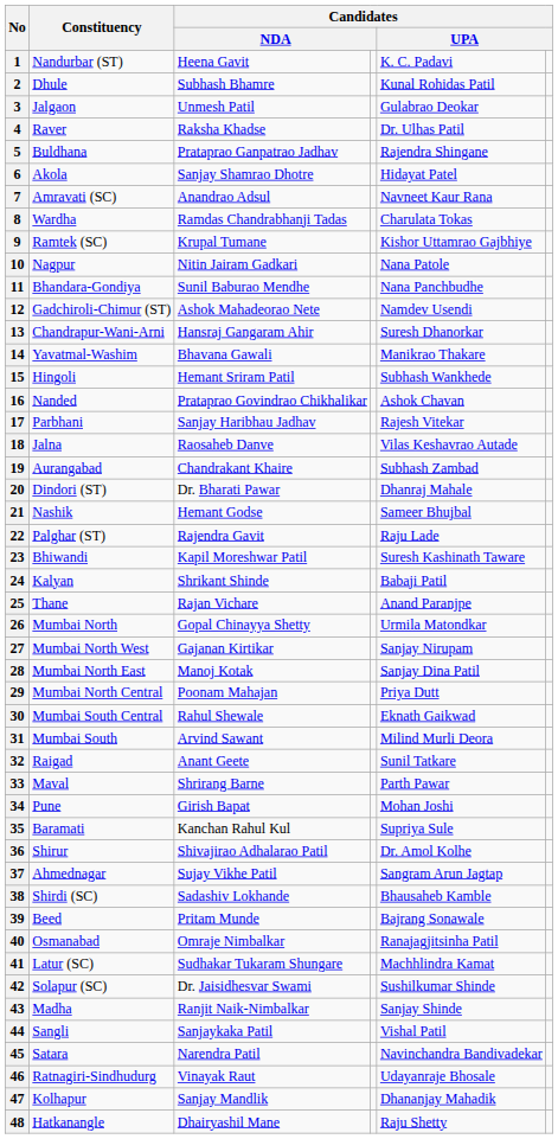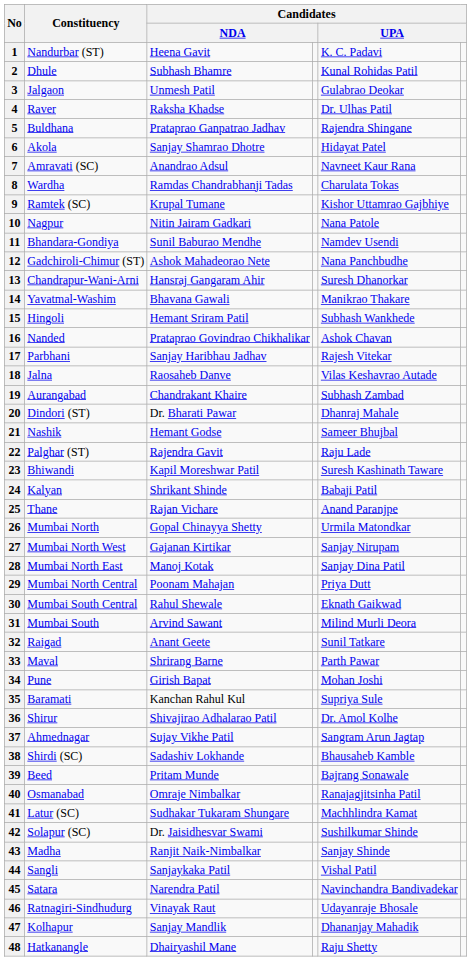 <table class="wikitable sortable">
 <tr>
 <th rowspan="2">No</th>
 <th rowspan="2">Constituency</th>
 <th colspan="4">Candidates</th>
 </tr>
 <tr>
 <th colspan="2"><a href='#'>NDA</a><br> </th>
 <th colspan="2"><a href='#'>UPA</a><br>    </th>
 </tr>
 <tr>
 <th>1</th>
 <td><a href='#'>Nandurbar</a> (ST)</td>
 <td><a href='#'>Heena Gavit</a></td>
 <td></td>
 <td><a href='#'>K. C. Padavi</a></td>
 <td></td>
 </tr>
 <tr>
 <th>2</th>
 <td><a href='#'>Dhule</a></td>
 <td><a href='#'>Subhash Bhamre</a></td>
 <td></td>
 <td><a href='#'>Kunal Rohidas Patil</a></td>
 <td></td>
 </tr>
 <tr>
 <th>3</th>
 <td><a href='#'>Jalgaon</a></td>
 <td><a href='#'>Unmesh Patil</a></td>
 <td></td>
 <td><a href='#'>Gulabrao Deokar</a></td>
 <td></td>
 </tr>
 <tr>
 <th>4</th>
 <td><a href='#'>Raver</a></td>
 <td><a href='#'>Raksha Khadse</a></td>
 <td></td>
 <td><a href='#'>Dr. Ulhas Patil</a></td>
 <td></td>
 </tr>
 <tr>
 <th>5</th>
 <td><a href='#'>Buldhana</a></td>
 <td><a href='#'>Prataprao Ganpatrao Jadhav</a></td>
 <td></td>
 <td><a href='#'>Rajendra Shingane</a></td>
 <td></td>
 </tr>
 <tr>
 <th>6</th>
 <td><a href='#'>Akola</a></td>
 <td><a href='#'>Sanjay Shamrao Dhotre</a></td>
 <td></td>
 <td><a href='#'>Hidayat Patel</a></td>
 <td></td>
 </tr>
 <tr>
 <th>7</th>
 <td><a href='#'>Amravati</a> (SC)</td>
 <td><a href='#'>Anandrao Adsul</a></td>
 <td></td>
 <td><a href='#'>Navneet Kaur Rana</a></td>
 <td></td>
 </tr>
 <tr>
 <th>8</th>
 <td><a href='#'>Wardha</a></td>
 <td><a href='#'>Ramdas Chandrabhanji Tadas</a></td>
 <td></td>
 <td><a href='#'>Charulata Tokas</a></td>
 <td></td>
 </tr>
 <tr>
 <th>9</th>
 <td><a href='#'>Ramtek</a> (SC)</td>
 <td><a href='#'>Krupal Tumane</a></td>
 <td></td>
 <td><a href='#'>Kishor Uttamrao Gajbhiye</a></td>
 <td></td>
 </tr>
 <tr>
 <th>10</th>
 <td><a href='#'>Nagpur</a></td>
 <td><a href='#'>Nitin Jairam Gadkari</a></td>
 <td></td>
 <td><a href='#'>Nana Patole</a></td>
 <td></td>
 </tr>
 <tr>
 <th>11</th>
 <td><a href='#'>Bhandara-Gondiya</a></td>
 <td><a href='#'>Sunil Baburao Mendhe</a></td>
 <td></td>
-<td><a href='#'>Nana Panchbudhe</a></td>
+<td><a href='#'>Namdev Usendi</a></td>
 <td></td>
 </tr>
 <tr>
 <th>12</th>
 <td><a href='#'>Gadchiroli-Chimur</a> (ST)</td>
 <td><a href='#'>Ashok Mahadeorao Nete</a></td>
 <td></td>
-<td><a href='#'>Namdev Usendi</a></td>
+<td><a href='#'>Nana Panchbudhe</a></td>
 <td></td>
 </tr>
 <tr>
 <th>13</th>
 <td><a href='#'>Chandrapur-Wani-Arni</a></td>
 <td><a href='#'>Hansraj Gangaram Ahir</a></td>
 <td></td>
 <td><a href='#'>Suresh Dhanorkar</a></td>
 <td></td>
 </tr>
 <tr>
 <th>14</th>
 <td><a href='#'>Yavatmal-Washim</a></td>
 <td><a href='#'>Bhavana Gawali</a></td>
 <td></td>
 <td><a href='#'>Manikrao Thakare</a></td>
 <td></td>
 </tr>
 <tr>
 <th>15</th>
 <td><a href='#'>Hingoli</a></td>
 <td><a href='#'>Hemant Sriram Patil</a></td>
 <td></td>
 <td><a href='#'>Subhash Wankhede</a></td>
 <td></td>
 </tr>
 <tr>
 <th>16</th>
 <td><a href='#'>Nanded</a></td>
 <td><a href='#'>Prataprao Govindrao Chikhalikar</a></td>
 <td></td>
 <td><a href='#'>Ashok Chavan</a></td>
 <td></td>
 </tr>
 <tr>
 <th>17</th>
 <td><a href='#'>Parbhani</a></td>
 <td><a href='#'>Sanjay Haribhau Jadhav</a></td>
 <td></td>
 <td><a href='#'>Rajesh Vitekar</a></td>
 <td></td>
 </tr>
 <tr>
 <th>18</th>
 <td><a href='#'>Jalna</a></td>
 <td><a href='#'>Raosaheb Danve</a></td>
 <td></td>
 <td><a href='#'>Vilas Keshavrao Autade</a></td>
 <td></td>
 </tr>
 <tr>
 <th>19</th>
 <td><a href='#'>Aurangabad</a></td>
 <td><a href='#'>Chandrakant Khaire</a></td>
 <td></td>
 <td><a href='#'>Subhash Zambad</a></td>
 <td></td>
 </tr>
 <tr>
 <th>20</th>
 <td><a href='#'>Dindori</a> (ST)</td>
 <td>Dr. <a href='#'>Bharati Pawar</a></td>
 <td></td>
 <td><a href='#'>Dhanraj Mahale</a></td>
 <td></td>
 </tr>
 <tr>
 <th>21</th>
 <td><a href='#'>Nashik</a></td>
 <td><a href='#'>Hemant Godse</a></td>
 <td></td>
 <td><a href='#'>Sameer Bhujbal</a></td>
 <td></td>
 </tr>
 <tr>
 <th>22</th>
 <td><a href='#'>Palghar</a> (ST)</td>
 <td><a href='#'>Rajendra Gavit</a></td>
 <td></td>
 <td><a href='#'>Raju Lade</a></td>
 <td></td>
 </tr>
 <tr>
 <th>23</th>
 <td><a href='#'>Bhiwandi</a></td>
 <td><a href='#'>Kapil Moreshwar Patil</a></td>
 <td></td>
 <td><a href='#'>Suresh Kashinath Taware</a></td>
 <td></td>
 </tr>
 <tr>
 <th>24</th>
 <td><a href='#'>Kalyan</a></td>
 <td><a href='#'>Shrikant Shinde</a></td>
 <td></td>
 <td><a href='#'>Babaji Patil</a></td>
 <td></td>
 </tr>
 <tr>
 <th>25</th>
 <td><a href='#'>Thane</a></td>
 <td><a href='#'>Rajan Vichare</a></td>
 <td></td>
 <td><a href='#'>Anand Paranjpe</a></td>
 <td></td>
 </tr>
 <tr>
 <th>26</th>
 <td><a href='#'>Mumbai North</a></td>
 <td><a href='#'>Gopal Chinayya Shetty</a></td>
 <td></td>
 <td><a href='#'>Urmila Matondkar</a></td>
 <td></td>
 </tr>
 <tr>
 <th>27</th>
 <td><a href='#'>Mumbai North West</a></td>
 <td><a href='#'>Gajanan Kirtikar</a></td>
 <td></td>
 <td><a href='#'>Sanjay Nirupam</a></td>
 <td></td>
 </tr>
 <tr>
 <th>28</th>
 <td><a href='#'>Mumbai North East</a></td>
 <td><a href='#'>Manoj Kotak</a></td>
 <td></td>
 <td><a href='#'>Sanjay Dina Patil</a></td>
 <td></td>
 </tr>
 <tr>
 <th>29</th>
 <td><a href='#'>Mumbai North Central</a></td>
 <td><a href='#'>Poonam Mahajan</a></td>
 <td></td>
 <td><a href='#'>Priya Dutt</a></td>
 <td></td>
 </tr>
 <tr>
 <th>30</th>
 <td><a href='#'>Mumbai South Central</a></td>
 <td><a href='#'>Rahul Shewale</a></td>
 <td></td>
 <td><a href='#'>Eknath Gaikwad</a></td>
 <td></td>
 </tr>
 <tr>
 <th>31</th>
 <td><a href='#'>Mumbai South</a></td>
 <td><a href='#'>Arvind Sawant</a></td>
 <td></td>
 <td><a href='#'>Milind Murli Deora</a></td>
 <td></td>
 </tr>
 <tr>
 <th>32</th>
 <td><a href='#'>Raigad</a></td>
 <td><a href='#'>Anant Geete</a></td>
 <td></td>
 <td><a href='#'>Sunil Tatkare</a></td>
 <td></td>
 </tr>
 <tr>
 <th>33</th>
 <td><a href='#'>Maval</a></td>
 <td><a href='#'>Shrirang Barne</a></td>
 <td></td>
 <td><a href='#'>Parth Pawar</a></td>
 <td></td>
 </tr>
 <tr>
 <th>34</th>
 <td><a href='#'>Pune</a></td>
 <td><a href='#'>Girish Bapat</a></td>
 <td></td>
 <td><a href='#'>Mohan Joshi</a></td>
 <td></td>
 </tr>
 <tr>
 <th>35</th>
 <td><a href='#'>Baramati</a></td>
 <td>Kanchan Rahul Kul</td>
 <td></td>
 <td><a href='#'>Supriya Sule</a></td>
 <td></td>
 </tr>
 <tr>
 <th>36</th>
 <td><a href='#'>Shirur</a></td>
 <td><a href='#'>Shivajirao Adhalarao Patil</a></td>
 <td></td>
 <td><a href='#'>Dr. Amol Kolhe</a></td>
 <td></td>
 </tr>
 <tr>
 <th>37</th>
 <td><a href='#'>Ahmednagar</a></td>
 <td><a href='#'>Sujay Vikhe Patil</a></td>
 <td></td>
 <td><a href='#'>Sangram Arun Jagtap</a></td>
 <td></td>
 </tr>
 <tr>
 <th>38</th>
 <td><a href='#'>Shirdi</a> (SC)</td>
 <td><a href='#'>Sadashiv Lokhande</a></td>
 <td></td>
 <td><a href='#'>Bhausaheb Kamble</a></td>
 <td></td>
 </tr>
 <tr>
 <th>39</th>
 <td><a href='#'>Beed</a></td>
 <td><a href='#'>Pritam Munde</a></td>
 <td></td>
 <td><a href='#'>Bajrang Sonawale</a></td>
 <td></td>
 </tr>
 <tr>
 <th>40</th>
 <td><a href='#'>Osmanabad</a></td>
 <td><a href='#'>Omraje Nimbalkar</a></td>
 <td></td>
 <td><a href='#'>Ranajagjitsinha Patil</a></td>
 <td></td>
 </tr>
 <tr>
 <th>41</th>
 <td><a href='#'>Latur</a> (SC)</td>
 <td><a href='#'>Sudhakar Tukaram Shungare</a></td>
 <td></td>
 <td><a href='#'>Machhlindra Kamat</a></td>
 <td></td>
 </tr>
 <tr>
 <th>42</th>
 <td><a href='#'>Solapur</a> (SC)</td>
 <td>Dr. <a href='#'>Jaisidhesvar Swami</a></td>
 <td></td>
 <td><a href='#'>Sushilkumar Shinde</a></td>
 <td></td>
 </tr>
 <tr>
 <th>43</th>
 <td><a href='#'>Madha</a></td>
 <td><a href='#'>Ranjit Naik-Nimbalkar</a></td>
 <td></td>
 <td><a href='#'>Sanjay Shinde</a></td>
 <td></td>
 </tr>
 <tr>
 <th>44</th>
 <td><a href='#'>Sangli</a></td>
 <td><a href='#'>Sanjaykaka Patil</a></td>
 <td></td>
 <td><a href='#'>Vishal Patil</a></td>
 <td></td>
 </tr>
 <tr>
 <th>45</th>
 <td><a href='#'>Satara</a></td>
 <td><a href='#'>Narendra Patil</a></td>
 <td></td>
 <td><a href='#'>Navinchandra Bandivadekar</a></td>
 <td></td>
 </tr>
 <tr>
 <th>46</th>
 <td><a href='#'>Ratnagiri-Sindhudurg</a></td>
 <td><a href='#'>Vinayak Raut</a></td>
 <td></td>
 <td><a href='#'>Udayanraje Bhosale</a></td>
 <td></td>
 </tr>
 <tr>
 <th>47</th>
 <td><a href='#'>Kolhapur</a></td>
 <td><a href='#'>Sanjay Mandlik</a></td>
 <td></td>
 <td><a href='#'>Dhananjay Mahadik</a></td>
 <td></td>
 </tr>
 <tr>
 <th>48</th>
 <td><a href='#'>Hatkanangle</a></td>
 <td><a href='#'>Dhairyashil Mane</a></td>
 <td></td>
 <td><a href='#'>Raju Shetty</a></td>
 <td></td>
 </tr>
 </table>
